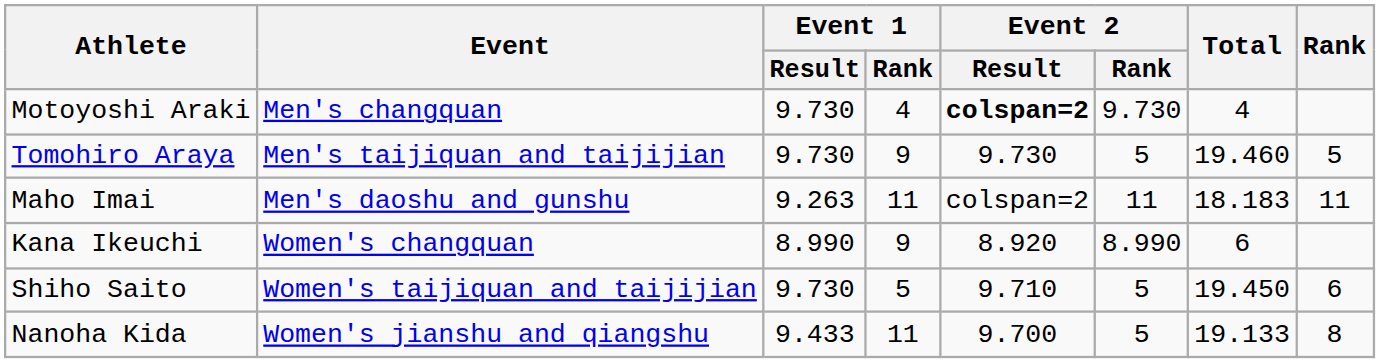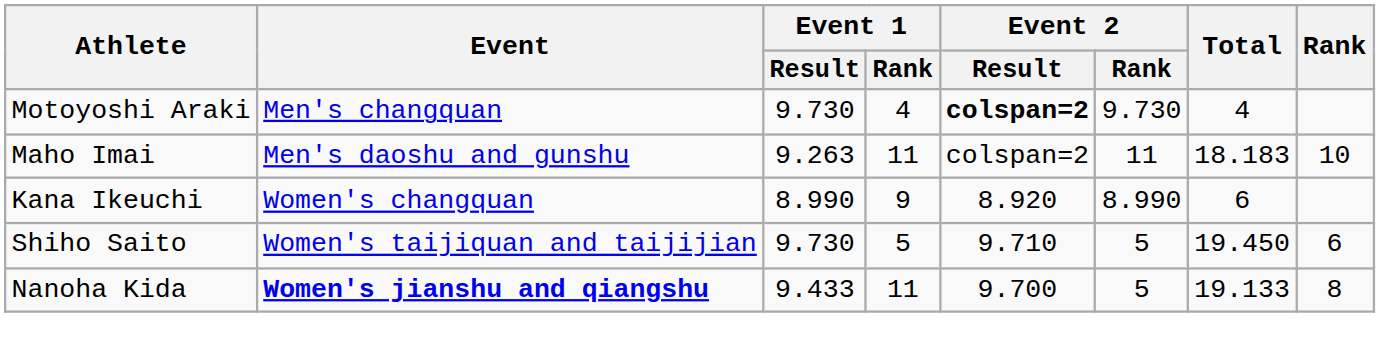 <table class=wikitable style=font-size:90%;text-align:center>
 <tr>
 <th rowspan="2">Athlete</th>
 <th rowspan="2">Event</th>
 <th colspan="2">Event 1</th>
 <th colspan="2">Event 2</th>
 <th rowspan="2">Total</th>
 <th rowspan="2">Rank</th>
 </tr>
 <tr style="font-size:95%">
 <th>Result</th>
 <th>Rank</th>
 <th>Result</th>
 <th>Rank</th>
 </tr>
 <tr>
 <td align=left>Motoyoshi Araki</td>
 <td align=left><a href='#'>Men's changquan</a></td>
 <td>9.730</td>
 <td>4</td>
 <td><strong>colspan=2 </strong></td>
 <td>9.730</td>
 <td>4</td>
 </tr>
 <tr>
-<td align=left><a href='#'>Tomohiro Araya</a></td>
-<td align=left><a href='#'>Men's taijiquan and taijijian</a></td>
-<td>9.730</td>
-<td>9</td>
-<td>9.730</td>
-<td>5</td>
-<td>19.460</td>
-<td>5</td>
-</tr>
-<tr>
 <td align=left>Maho Imai</td>
 <td align=left><a href='#'>Men's daoshu and gunshu</a></td>
 <td>9.263</td>
 <td>11</td>
 <td>colspan=2 </td>
 <td>11</td>
 <td>18.183</td>
-<td>11</td>
+<td>10</td>
 </tr>
 <tr>
 <td align=left>Kana Ikeuchi</td>
 <td align=left><a href='#'>Women's changquan</a></td>
 <td>8.990</td>
 <td>9</td>
 <td>8.920</td>
 <td>8.990</td>
 <td>6</td>
 </tr>
 <tr>
 <td align=left>Shiho Saito</td>
 <td align=left><a href='#'>Women's taijiquan and taijijian</a></td>
 <td>9.730</td>
 <td>5</td>
 <td>9.710</td>
 <td>5</td>
 <td>19.450</td>
 <td>6</td>
 </tr>
 <tr>
 <td align=left>Nanoha Kida</td>
-<td align=left><a href='#'>Women's jianshu and qiangshu</a></td>
+<td align=left><strong><a href='#'>Women's jianshu and qiangshu</a></strong></td>
 <td>9.433</td>
 <td>11</td>
 <td>9.700</td>
 <td>5</td>
 <td>19.133</td>
 <td>8</td>
 </tr>
 </table>
